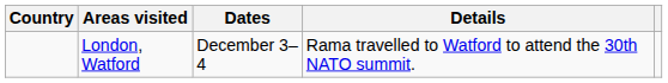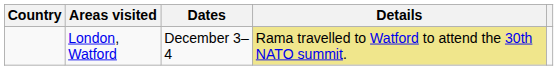 <table class="wikitable sortable" style="margin: 1em auto 1em auto">
 <tr>
 <th>Country</th>
 <th>Areas visited</th>
 <th>Dates</th>
 <th class="unsortable">Details</th>
 <th></th>
 </tr>
 <tr>
 <td></td>
 <td><a href='#'>London</a>, <a href='#'>Watford</a></td>
 <td>December 3–4</td>
-<td>Rama travelled to <a href='#'>Watford</a> to attend the <a href='#'>30th NATO summit</a>.</td>
+<td style="background: khaki;">Rama travelled to <a href='#'>Watford</a> to attend the <a href='#'>30th NATO summit</a>.</td>
 </tr>
 </table>
